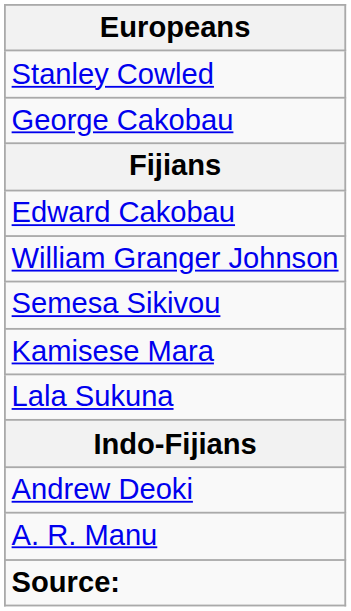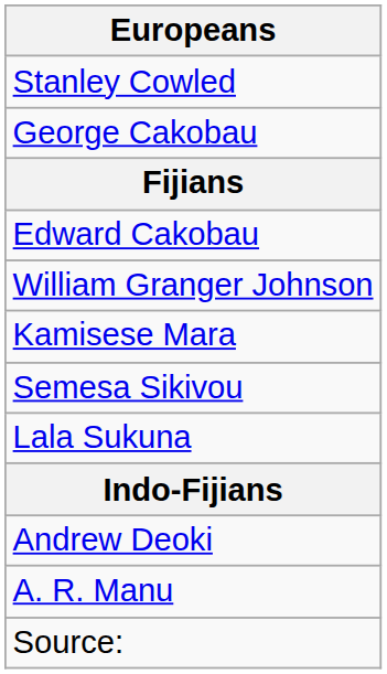 <table class=wikitable>
 <tr>
 <th>Europeans</th>
 </tr>
 <tr>
 <td><a href='#'>Stanley Cowled</a></td>
 </tr>
 <tr>
 <td><a href='#'>George Cakobau</a></td>
 </tr>
 <tr>
 <th>Fijians</th>
 </tr>
 <tr>
 <td><a href='#'>Edward Cakobau</a></td>
 </tr>
 <tr>
 <td><a href='#'>William Granger Johnson</a></td>
 </tr>
 <tr>
-<td><a href='#'>Semesa Sikivou</a></td>
+<td><a href='#'>Kamisese Mara</a></td>
 </tr>
 <tr>
-<td><a href='#'>Kamisese Mara</a></td>
+<td><a href='#'>Semesa Sikivou</a></td>
 </tr>
 <tr>
 <td><a href='#'>Lala Sukuna</a></td>
 </tr>
 <tr>
 <th>Indo-Fijians</th>
 </tr>
 <tr>
 <td><a href='#'>Andrew Deoki</a></td>
 </tr>
 <tr>
 <td><a href='#'>A. R. Manu</a></td>
 </tr>
 <tr>
-<td><strong>Source: </strong></td>
+<td>Source: </td>
 </tr>
 </table>
